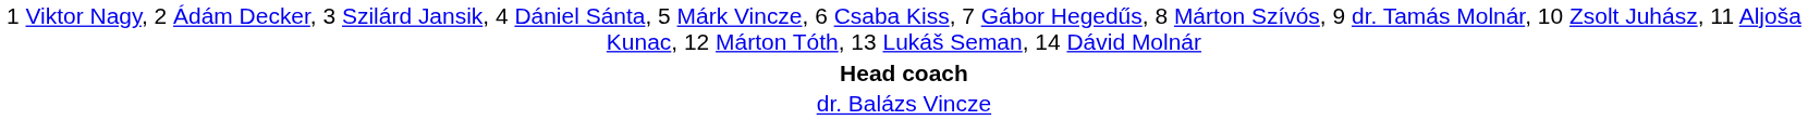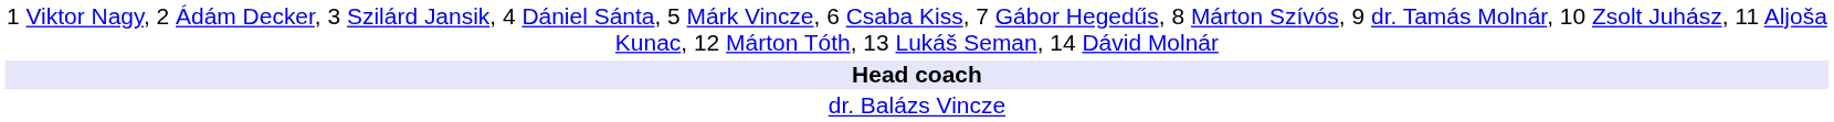 <table style="text-align: center; margin-top: 2em; margin-left: auto; margin-right: auto">
 <tr>
 <td>1 <a href='#'>Viktor Nagy</a>, 2 <a href='#'>Ádám Decker</a>, 3 <a href='#'>Szilárd Jansik</a>, 4 <a href='#'>Dániel Sánta</a>, 5 <a href='#'>Márk Vincze</a>, 6 <a href='#'>Csaba Kiss</a>, 7 <a href='#'>Gábor Hegedűs</a>, 8 <a href='#'>Márton Szívós</a>, 9 <a href='#'>dr. Tamás Molnár</a>, 10 <a href='#'>Zsolt Juhász</a>, 11 <a href='#'>Aljoša Kunac</a>, 12 <a href='#'>Márton Tóth</a>, 13 <a href='#'>Lukáš Seman</a>, 14 <a href='#'>Dávid Molnár</a></td>
 </tr>
 <tr>
-<td><strong>Head coach</strong></td>
+<td style="background: lavender;"><strong>Head coach</strong></td>
 </tr>
 <tr>
 <td><a href='#'>dr. Balázs Vincze</a></td>
 </tr>
 </table>
